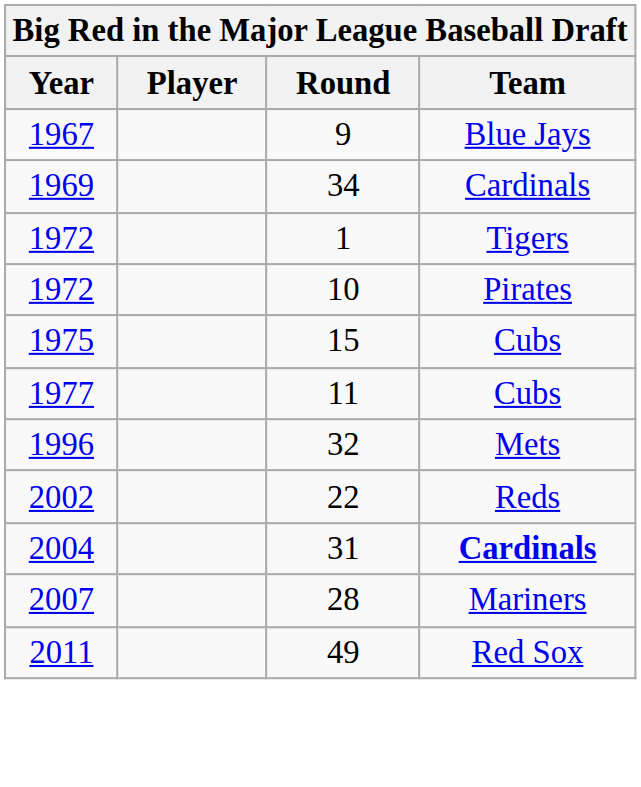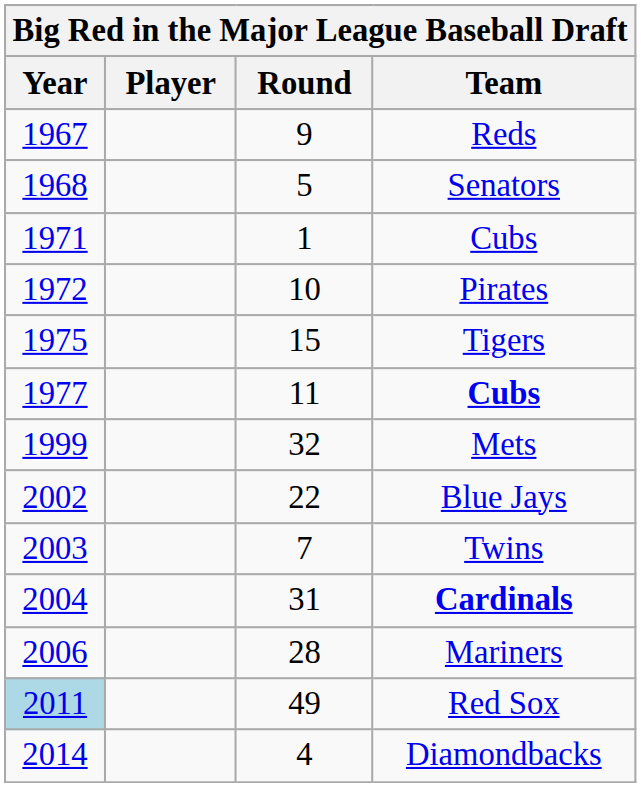 <table class="wikitable sortable collapsible collapsed" style="text-align:center">
 <tr>
 <th colspan=4>Big Red in the Major League Baseball Draft</th>
 </tr>
 <tr>
 <th>Year</th>
 <th>Player</th>
 <th>Round</th>
 <th>Team</th>
 </tr>
 <tr>
 <td><a href='#'>1967</a></td>
 <td></td>
 <td>9</td>
-<td><a href='#'>Blue Jays</a></td>
+<td><a href='#'>Reds</a></td>
 </tr>
 <tr>
-<td><a href='#'>1969</a></td>
+<td><a href='#'>1968</a></td>
 <td></td>
-<td>34</td>
-<td><a href='#'>Cardinals</a></td>
+<td>5</td>
+<td><a href='#'>Senators</a></td>
 </tr>
 <tr>
-<td><a href='#'>1972</a></td>
+<td><a href='#'>1971</a></td>
 <td></td>
 <td>1</td>
-<td><a href='#'>Tigers</a></td>
+<td><a href='#'>Cubs</a></td>
 </tr>
 <tr>
 <td><a href='#'>1972</a></td>
 <td></td>
 <td>10</td>
 <td><a href='#'>Pirates</a></td>
 </tr>
 <tr>
 <td><a href='#'>1975</a></td>
 <td></td>
 <td>15</td>
-<td><a href='#'>Cubs</a></td>
+<td><a href='#'>Tigers</a></td>
 </tr>
 <tr>
 <td><a href='#'>1977</a></td>
 <td></td>
 <td>11</td>
-<td><a href='#'>Cubs</a></td>
+<td><strong><a href='#'>Cubs</a></strong></td>
 </tr>
 <tr>
-<td><a href='#'>1996</a></td>
+<td><a href='#'>1999</a></td>
 <td></td>
 <td>32</td>
 <td><a href='#'>Mets</a></td>
 </tr>
 <tr>
 <td><a href='#'>2002</a></td>
 <td></td>
 <td>22</td>
-<td><a href='#'>Reds</a></td>
+<td><a href='#'>Blue Jays</a></td>
+</tr>
+<tr>
+<td><a href='#'>2003</a></td>
+<td></td>
+<td>7</td>
+<td><a href='#'>Twins</a></td>
 </tr>
 <tr>
 <td><a href='#'>2004</a></td>
 <td></td>
 <td>31</td>
 <td><strong><a href='#'>Cardinals</a></strong></td>
 </tr>
 <tr>
-<td><a href='#'>2007</a></td>
+<td><a href='#'>2006</a></td>
 <td></td>
 <td>28</td>
 <td><a href='#'>Mariners</a></td>
 </tr>
 <tr>
-<td><a href='#'>2011</a></td>
+<td style="background: lightblue;"><a href='#'>2011</a></td>
 <td></td>
 <td>49</td>
 <td><a href='#'>Red Sox</a></td>
 </tr>
+<tr>
+<td><a href='#'>2014</a></td>
+<td></td>
+<td>4</td>
+<td><a href='#'>Diamondbacks</a></td>
+</tr>
 </table>
